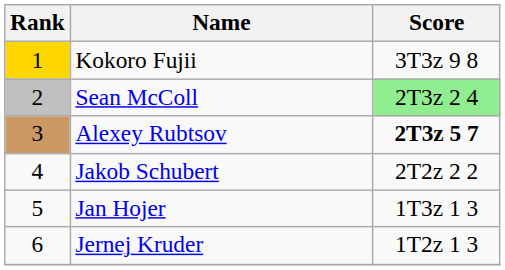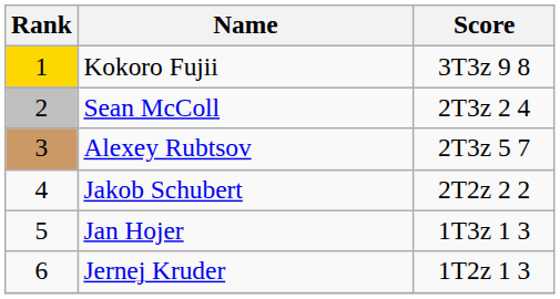 <table class="wikitable">
 <tr>
 <th>Rank</th>
 <th width = "200">Name</th>
 <th width = "80">Score</th>
 </tr>
 <tr>
 <td align="center" style="background: gold">1</td>
 <td> Kokoro Fujii</td>
 <td align="center">3T3z 9 8</td>
 </tr>
 <tr>
 <td align="center" style="background: silver">2</td>
 <td> <a href='#'>Sean McColl</a></td>
-<td align="center" style="background: lightgreen;">2T3z 2 4</td>
+<td align="center">2T3z 2 4</td>
 </tr>
 <tr>
 <td align="center" style="background: #cc9966">3</td>
 <td> <a href='#'>Alexey Rubtsov</a></td>
-<td align="center"><strong>2T3z 5 7</strong></td>
+<td align="center">2T3z 5 7</td>
 </tr>
 <tr>
 <td align="center">4</td>
 <td> <a href='#'>Jakob Schubert</a></td>
 <td align="center">2T2z 2 2</td>
 </tr>
 <tr>
 <td align="center">5</td>
 <td> <a href='#'>Jan Hojer</a></td>
 <td align="center">1T3z 1 3</td>
 </tr>
 <tr>
 <td align="center">6</td>
 <td> <a href='#'>Jernej Kruder</a></td>
 <td align="center">1T2z 1 3</td>
 </tr>
 <tr>
 </tr>
 </table>
